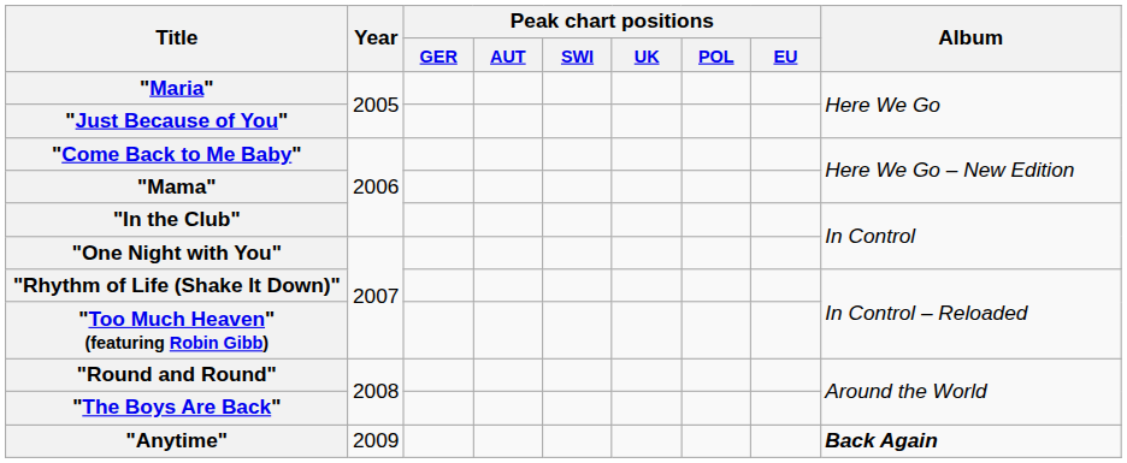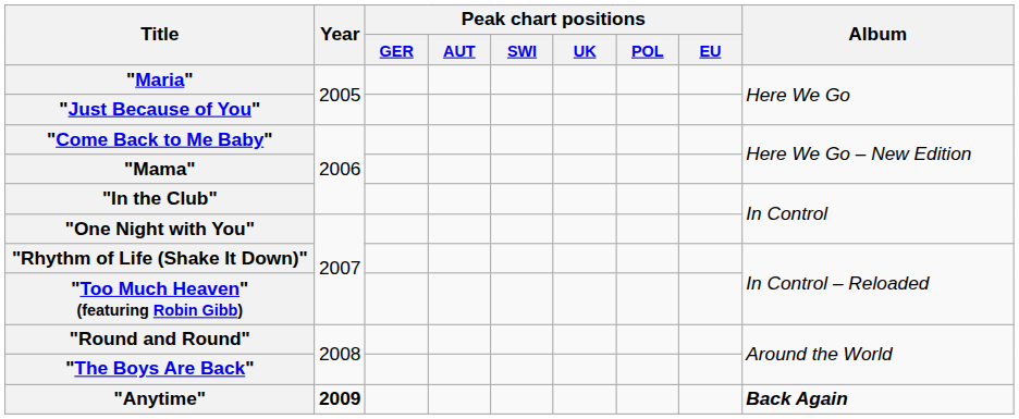 <table class="wikitable plainrowheaders" style="text-align:center;">
 <tr>
 <th rowspan="2" scope="col" style="width:16em;">Title</th>
 <th rowspan="2" scope="col" style="width:2em;">Year</th>
 <th colspan="6">Peak chart positions</th>
 <th rowspan="2" scope="col" style="width:14em;">Album</th>
 </tr>
 <tr>
 <th style="width:46px;"><small><a href='#'>GER</a></small></th>
 <th style="width:46px;"><small><a href='#'>AUT</a></small></th>
 <th style="width:46px;"><small><a href='#'>SWI</a></small></th>
 <th style="width:46px;"><small><a href='#'>UK</a></small></th>
 <th style="width:46px;"><small><a href='#'>POL</a></small></th>
 <th style="width:46px;"><small><a href='#'>EU</a></small></th>
 </tr>
 <tr>
 <th scope="row">"<a href='#'>Maria</a>"</th>
 <td rowspan="2" style="text-align:left;">2005</td>
 <td></td>
 <td></td>
 <td></td>
 <td></td>
 <td></td>
 <td></td>
 <td rowspan="2" style="text-align:left;"><em>Here We Go</em></td>
 </tr>
 <tr>
 <th scope="row">"<a href='#'>Just Because of You</a>"</th>
 <td></td>
 <td></td>
 <td></td>
 <td></td>
 <td></td>
 <td></td>
 </tr>
 <tr>
 <th scope="row">"<a href='#'>Come Back to Me Baby</a>"</th>
 <td rowspan="3" style="text-align:left;">2006</td>
 <td></td>
 <td></td>
 <td></td>
 <td></td>
 <td></td>
 <td></td>
 <td rowspan="2" style="text-align:left;"><em>Here We Go – New Edition</em></td>
 </tr>
 <tr>
 <th scope="row">"Mama"</th>
 <td></td>
 <td></td>
 <td></td>
 <td></td>
 <td></td>
 <td></td>
 </tr>
 <tr>
 <th scope="row">"In the Club"</th>
 <td></td>
 <td></td>
 <td></td>
 <td></td>
 <td></td>
 <td></td>
 <td rowspan="2" style="text-align:left;"><em>In Control</em></td>
 </tr>
 <tr>
 <th scope="row">"One Night with You"</th>
 <td rowspan="3" style="text-align:left;">2007</td>
 <td></td>
 <td></td>
 <td></td>
 <td></td>
 <td></td>
 <td></td>
 </tr>
 <tr>
 <th scope="row">"Rhythm of Life (Shake It Down)"</th>
 <td></td>
 <td></td>
 <td></td>
 <td></td>
 <td></td>
 <td></td>
 <td rowspan="2" style="text-align:left;"><em>In Control – Reloaded</em></td>
 </tr>
 <tr>
 <th scope="row">"<a href='#'>Too Much Heaven</a>" <br><small>(featuring <a href='#'>Robin Gibb</a>)</small></th>
 <td></td>
 <td></td>
 <td></td>
 <td></td>
 <td></td>
 <td></td>
 </tr>
 <tr>
 <th scope="row">"Round and Round"</th>
 <td rowspan="2" style="text-align:left;">2008</td>
 <td></td>
 <td></td>
 <td></td>
 <td></td>
 <td></td>
 <td></td>
 <td rowspan="2" style="text-align:left;"><em>Around the World</em></td>
 </tr>
 <tr>
 <th scope="row">"<a href='#'>The Boys Are Back</a>"</th>
 <td></td>
 <td></td>
 <td></td>
 <td></td>
 <td></td>
 <td></td>
 </tr>
 <tr>
 <th scope="row">"Anytime"</th>
-<td style="text-align:left;">2009</td>
+<td style="text-align:left;"><strong>2009</strong></td>
 <td></td>
 <td></td>
 <td></td>
 <td></td>
 <td></td>
 <td></td>
 <td style="text-align:left;"><strong><em>Back Again</em></strong></td>
 </tr>
 </table>
